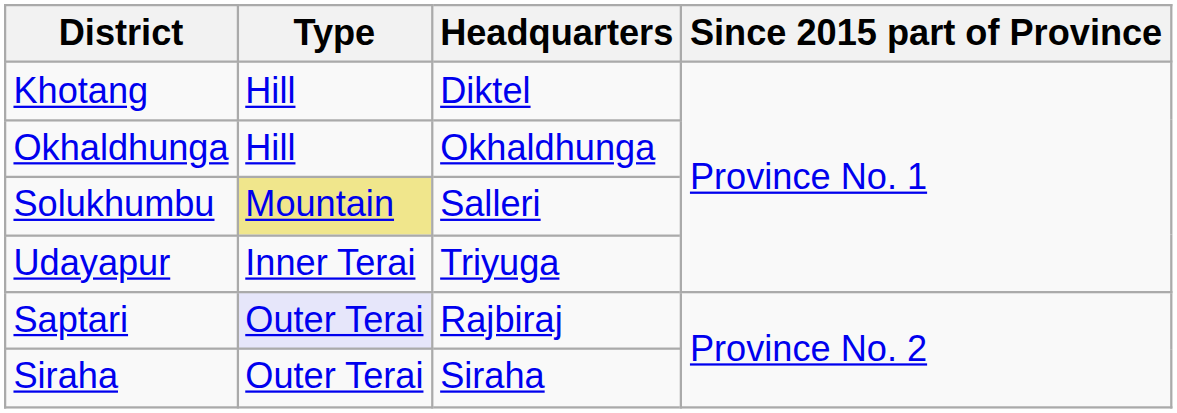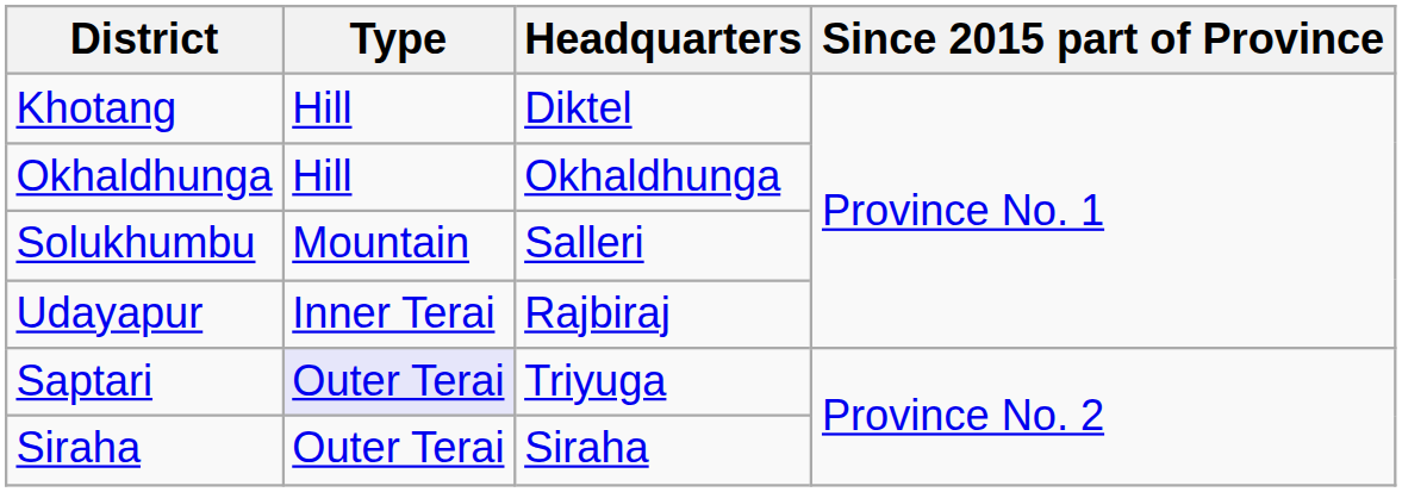 <table class="wikitable">
 <tr>
 <th>District</th>
 <th>Type</th>
 <th>Headquarters</th>
 <th>Since 2015 part of Province</th>
 </tr>
 <tr>
 <td><a href='#'>Khotang</a></td>
 <td><a href='#'>Hill</a></td>
 <td><a href='#'>Diktel</a></td>
 <td rowspan="4"><a href='#'>Province No. 1</a></td>
 </tr>
 <tr>
 <td><a href='#'>Okhaldhunga</a></td>
 <td><a href='#'>Hill</a></td>
 <td><a href='#'>Okhaldhunga</a></td>
 </tr>
 <tr>
 <td><a href='#'>Solukhumbu</a></td>
-<td style="background: khaki;"><a href='#'>Mountain</a></td>
+<td><a href='#'>Mountain</a></td>
 <td><a href='#'>Salleri</a></td>
 </tr>
 <tr>
 <td><a href='#'>Udayapur</a></td>
 <td><a href='#'>Inner Terai</a></td>
-<td><a href='#'>Triyuga</a></td>
+<td><a href='#'>Rajbiraj</a></td>
 </tr>
 <tr>
 <td><a href='#'>Saptari</a></td>
 <td style="background: lavender;"><a href='#'>Outer Terai</a></td>
-<td><a href='#'>Rajbiraj</a></td>
+<td><a href='#'>Triyuga</a></td>
 <td rowspan="2"><a href='#'>Province No. 2</a></td>
 </tr>
 <tr>
 <td><a href='#'>Siraha</a></td>
 <td><a href='#'>Outer Terai</a></td>
 <td><a href='#'>Siraha</a></td>
 </tr>
 </table>
